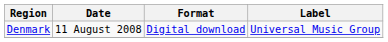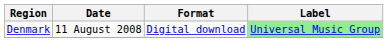 <table class=wikitable>
 <tr>
 <th>Region</th>
 <th>Date</th>
 <th>Format</th>
 <th>Label</th>
 </tr>
 <tr>
 <td><a href='#'>Denmark</a></td>
 <td>11 August 2008</td>
 <td><a href='#'>Digital download</a></td>
-<td><a href='#'>Universal Music Group</a></td>
+<td style="background: lightgreen;"><a href='#'>Universal Music Group</a></td>
 </tr>
 <tr>
 </tr>
 </table>
